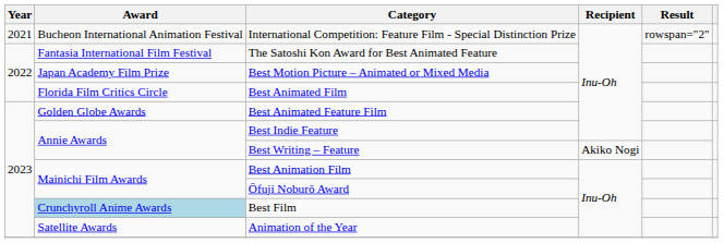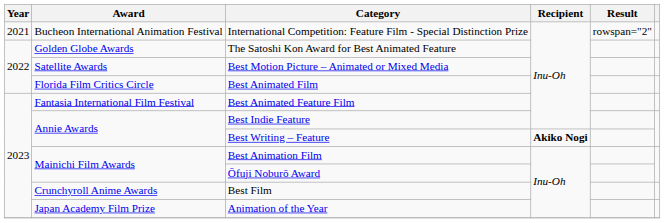 <table class="wikitable sortable">
 <tr>
 <th scope="col">Year</th>
 <th scope="col">Award</th>
 <th scope="col">Category</th>
 <th scope="col">Recipient</th>
 <th scope="col">Result</th>
 <th scope="col" class="unsortable"></th>
 </tr>
 <tr>
 <td rowspan="1">2021</td>
 <td>Bucheon International Animation Festival</td>
 <td>International Competition: Feature Film - Special Distinction Prize</td>
 <td rowspan="6"><em>Inu-Oh</em></td>
 <td>rowspan="2" </td>
 <td align=center></td>
 </tr>
 <tr>
 <td rowspan="3">2022</td>
-<td><a href='#'>Fantasia International Film Festival</a></td>
+<td><a href='#'>Golden Globe Awards</a></td>
 <td>The Satoshi Kon Award for Best Animated Feature</td>
 <td align=center></td>
 </tr>
 <tr>
-<td><a href='#'>Japan Academy Film Prize</a></td>
+<td><a href='#'>Satellite Awards</a></td>
 <td><a href='#'>Best Motion Picture – Animated or Mixed Media</a></td>
 <td></td>
 <td align=center></td>
 </tr>
 <tr>
 <td><a href='#'>Florida Film Critics Circle</a></td>
 <td><a href='#'>Best Animated Film</a></td>
 <td></td>
 <td align="center"><br></td>
 </tr>
 <tr>
 <td rowspan="7">2023</td>
-<td><a href='#'>Golden Globe Awards</a></td>
+<td><a href='#'>Fantasia International Film Festival</a></td>
 <td><a href='#'>Best Animated Feature Film</a></td>
 <td></td>
 <td align=center></td>
 </tr>
 <tr>
 <td rowspan="2"><a href='#'>Annie Awards</a></td>
 <td><a href='#'>Best Indie Feature</a></td>
 <td></td>
 <td align=center rowspan="2"></td>
 </tr>
 <tr>
 <td><a href='#'>Best Writing – Feature</a></td>
-<td>Akiko Nogi</td>
+<td><strong>Akiko Nogi</strong></td>
 <td></td>
 </tr>
 <tr>
 <td rowspan="2"><a href='#'>Mainichi Film Awards</a></td>
 <td><a href='#'> Best Animation Film</a></td>
 <td rowspan="4"><em>Inu-Oh</em></td>
 <td></td>
 <td rowspan="2" align=center><br></td>
 </tr>
 <tr>
 <td><a href='#'>Ōfuji Noburō Award</a></td>
 <td></td>
 </tr>
 <tr>
-<td style="background: lightblue;"><a href='#'>Crunchyroll Anime Awards</a></td>
+<td><a href='#'>Crunchyroll Anime Awards</a></td>
 <td>Best Film</td>
 <td></td>
 <td align=center></td>
 </tr>
 <tr>
-<td><a href='#'>Satellite Awards</a></td>
+<td><a href='#'>Japan Academy Film Prize</a></td>
 <td><a href='#'>Animation of the Year</a></td>
 <td></td>
 <td align=center></td>
 </tr>
 <tr>
 </tr>
 </table>
